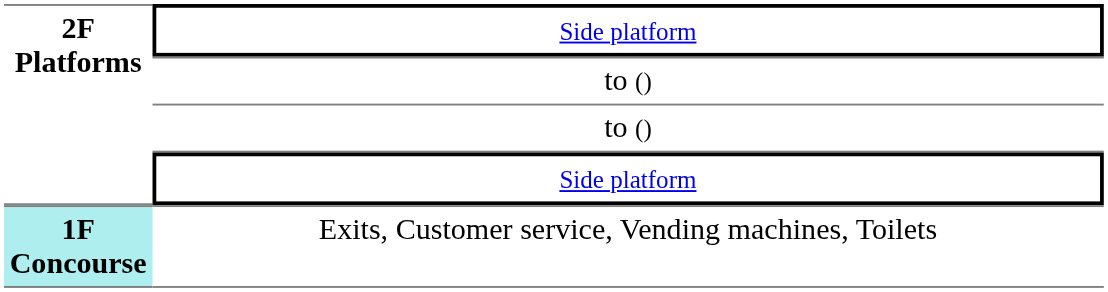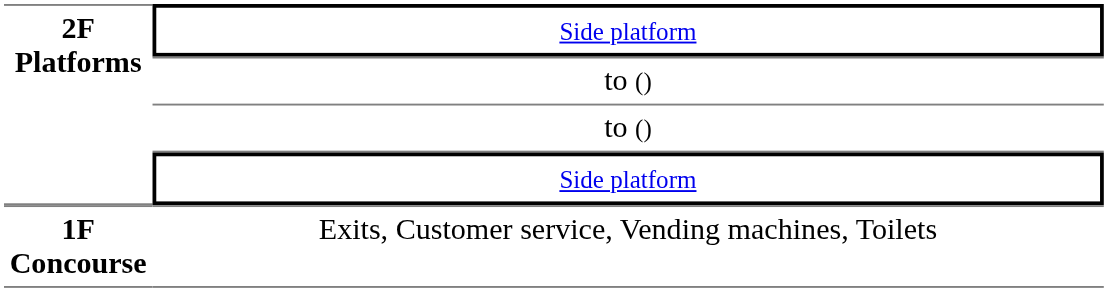 <table table border=0 cellspacing=0 cellpadding=3>
 <tr>
 <td style="border-bottom:solid 1px gray; border-top:solid 1px gray;text-align:center" rowspan="4" valign=top><strong>2F<br>Platforms</strong></td>
 <td style="border-right:solid 2px black;border-left:solid 2px black;border-top:solid 2px black;border-bottom:solid 2px black;text-align:center;" colspan=2><small><a href='#'>Side platform</a></small></td>
 </tr>
 <tr>
 <td style="border-bottom:solid 1px gray; border-top:solid 1px gray;text-align:center;">  to  <small>()</small></td>
 </tr>
 <tr>
 <td style="border-bottom:solid 1px gray;text-align:center;"> to  <small>()</small> </td>
 </tr>
 <tr>
 <td style="border-right:solid 2px black;border-left:solid 2px black;border-top:solid 2px black;border-bottom:solid 2px black;text-align:center;" colspan=2><small><a href='#'>Side platform</a></small></td>
 </tr>
 <tr>
-<td style="background: paleturquoise; border-bottom:solid 1px gray; border-top:solid 1px gray;text-align:center" valign=top><strong>1F<br>Concourse</strong></td>
+<td style="border-bottom:solid 1px gray; border-top:solid 1px gray;text-align:center" valign=top><strong>1F<br>Concourse</strong></td>
 <td style="border-bottom:solid 1px gray; border-top:solid 1px gray;text-align:center;" valign=top width=500>Exits, Customer service, Vending machines, Toilets</td>
 </tr>
 </table>
